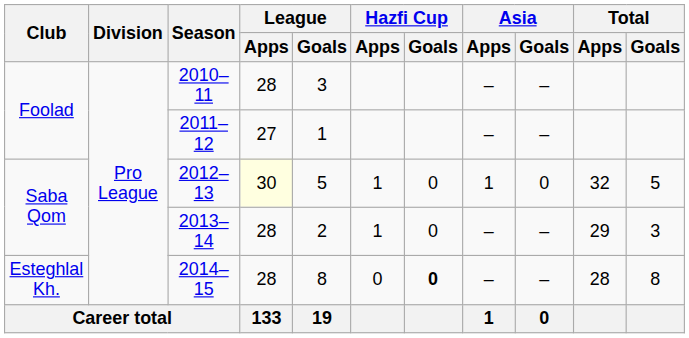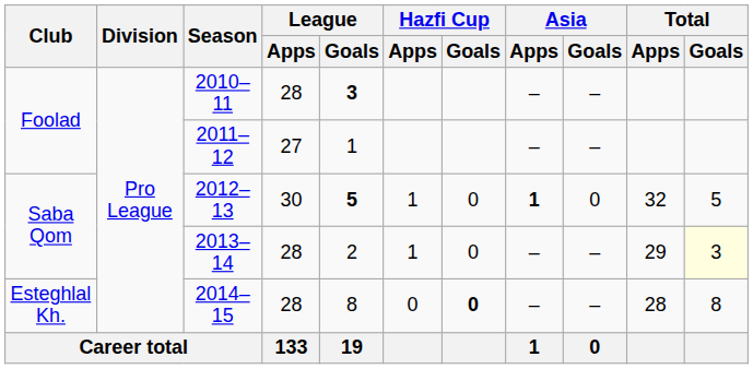 <table class="wikitable" style="text-align: center;">
 <tr>
 <th rowspan="2">Club</th>
 <th rowspan="2">Division</th>
 <th rowspan="2">Season</th>
 <th colspan="2">League</th>
 <th colspan="2"><a href='#'>Hazfi Cup</a></th>
 <th colspan="2"><a href='#'>Asia</a></th>
 <th colspan="2">Total</th>
 </tr>
 <tr>
 <th>Apps</th>
 <th>Goals</th>
 <th>Apps</th>
 <th>Goals</th>
 <th>Apps</th>
 <th>Goals</th>
 <th>Apps</th>
 <th>Goals</th>
 </tr>
 <tr>
 <td rowspan="2"><a href='#'>Foolad</a></td>
 <td rowspan="5"><a href='#'>Pro League</a></td>
 <td><a href='#'>2010–11</a></td>
 <td>28</td>
-<td>3</td>
+<td><strong>3</strong></td>
 <td></td>
 <td></td>
 <td>–</td>
 <td>–</td>
 <td></td>
 <td></td>
 </tr>
 <tr>
 <td><a href='#'>2011–12</a></td>
 <td>27</td>
 <td>1</td>
 <td></td>
 <td></td>
 <td>–</td>
 <td>–</td>
 <td></td>
 <td></td>
 </tr>
 <tr>
 <td rowspan="2"><a href='#'>Saba Qom</a></td>
 <td><a href='#'>2012–13</a></td>
-<td style="background: lightyellow;">30</td>
-<td>5</td>
+<td>30</td>
+<td><strong>5</strong></td>
 <td>1</td>
 <td>0</td>
-<td>1</td>
+<td><strong>1</strong></td>
 <td>0</td>
 <td>32</td>
 <td>5</td>
 </tr>
 <tr>
 <td><a href='#'>2013–14</a></td>
 <td>28</td>
 <td>2</td>
 <td>1</td>
 <td>0</td>
 <td>–</td>
 <td>–</td>
 <td>29</td>
-<td>3</td>
+<td style="background: lightyellow;">3</td>
 </tr>
 <tr>
 <td><a href='#'>Esteghlal Kh.</a></td>
 <td><a href='#'>2014–15</a></td>
 <td>28</td>
 <td>8</td>
 <td>0</td>
 <td><strong>0</strong></td>
 <td>–</td>
 <td>–</td>
 <td>28</td>
 <td>8</td>
 </tr>
 <tr>
 <th colspan=3>Career total</th>
 <th>133</th>
 <th>19</th>
 <th></th>
 <th></th>
 <th>1</th>
 <th>0</th>
 <th></th>
 <th></th>
 </tr>
 </table>
